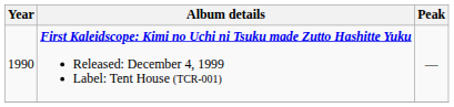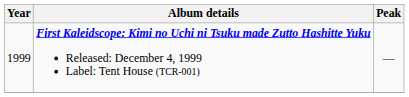 <table class="wikitable">
 <tr>
 <th>Year</th>
 <th>Album details</th>
 <th>Peak</th>
 </tr>
 <tr>
-<td>1990</td>
+<td>1999</td>
 <td><strong><em><a href='#'>First Kaleidscope: Kimi no Uchi ni Tsuku made Zutto Hashitte Yuku</a></em></strong><br><ul><li>Released: December 4, 1999</li><li>Label: Tent House <small>(TCR-001)</small></li></ul></td>
 <td align="center">—</td>
 </tr>
 <tr>
 </tr>
 </table>
